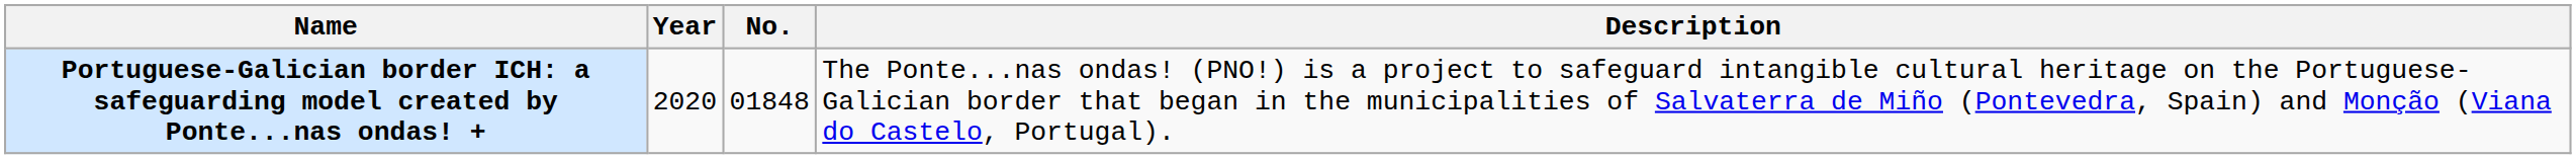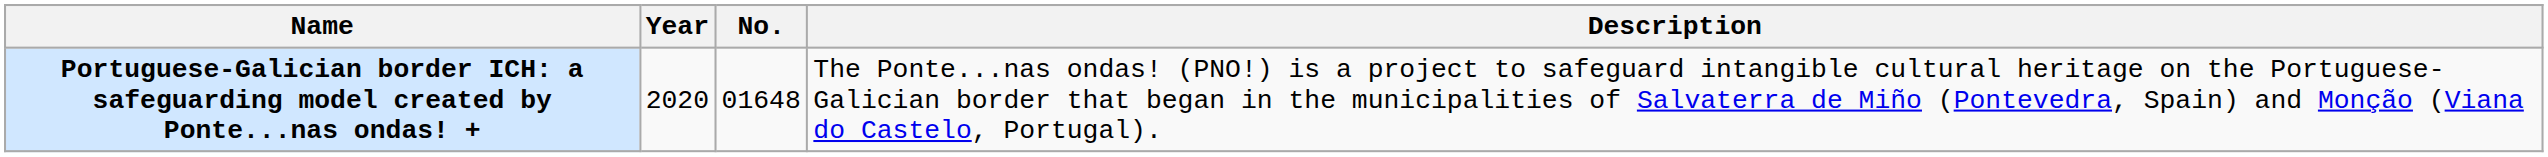 <table class="wikitable sortable plainrowheaders">
 <tr>
 <th style="width:25%">Name</th>
 <th>Year</th>
 <th>No.</th>
 <th class="unsortable">Description</th>
 </tr>
 <tr>
 <th scope="row" style="background:#D0E7FF;">Portuguese-Galician border ICH: a safeguarding model created by Ponte...nas ondas! +</th>
 <td>2020</td>
-<td>01848</td>
+<td>01648</td>
 <td>The Ponte...nas ondas! (PNO!) is a project to safeguard intangible cultural heritage on the Portuguese-Galician border that began in the municipalities of <a href='#'>Salvaterra de Miño</a> (<a href='#'>Pontevedra</a>, Spain) and <a href='#'>Monção</a> (<a href='#'>Viana do Castelo</a>, Portugal).</td>
 </tr>
 </table>
